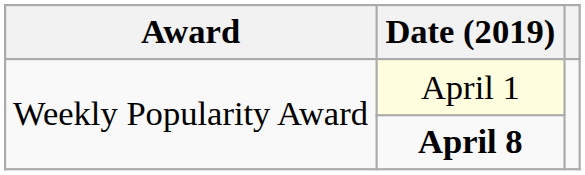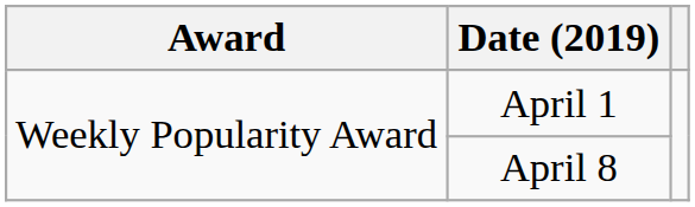 <table class="wikitable">
 <tr>
 <th>Award</th>
 <th width="80">Date (2019)</th>
 <th></th>
 </tr>
 <tr>
 <td rowspan="2" align="center">Weekly Popularity Award</td>
-<td align="center" style="background: lightyellow;">April 1</td>
+<td align="center">April 1</td>
 <td rowspan="2" align="center"></td>
 </tr>
 <tr>
-<td align="center"><strong>April 8</strong></td>
+<td align="center">April 8</td>
 </tr>
 </table>
